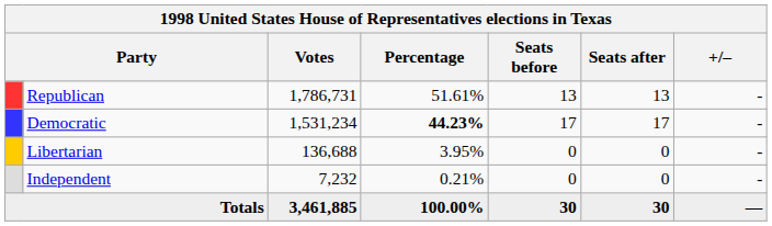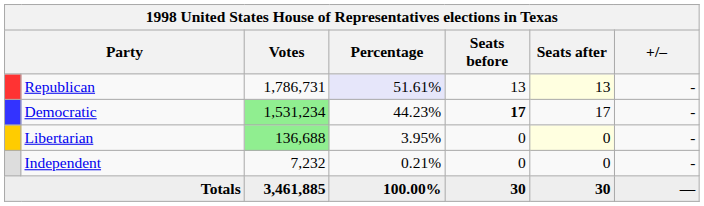 <table class="wikitable" style="font-size: 95%;">
 <tr>
 <th colspan="7">1998 United States House of Representatives elections in Texas</th>
 </tr>
 <tr>
 <th colspan="2" style="width: 15em">Party</th>
 <th style="width: 5em">Votes</th>
 <th style="width: 7em">Percentage</th>
 <th style="width: 5em">Seats before</th>
 <th style="width: 5em">Seats after</th>
 <th style="width: 5em">+/–</th>
 </tr>
 <tr>
 <th style="background-color:#FF3333; width: 3px"></th>
 <td style="width: 130px"><a href='#'>Republican</a></td>
 <td align="right">1,786,731</td>
-<td align="right">51.61%</td>
+<td align="right" style="background: lavender;">51.61%</td>
 <td align="right">13</td>
-<td align="right">13</td>
+<td align="right" style="background: lightyellow;">13</td>
 <td align="right">-</td>
 </tr>
 <tr>
 <th style="background-color:#3333FF; width: 3px"></th>
 <td style="width: 130px"><a href='#'>Democratic</a></td>
-<td align="right">1,531,234</td>
-<td align="right"><strong>44.23%</strong></td>
-<td align="right">17</td>
+<td align="right" style="background: lightgreen;">1,531,234</td>
+<td align="right">44.23%</td>
+<td align="right"><strong>17</strong></td>
 <td align="right">17</td>
 <td align="right">-</td>
 </tr>
 <tr>
 <th style="background-color:#FFCC00; width: 3px"></th>
 <td style="width: 130px"><a href='#'>Libertarian</a></td>
-<td align="right">136,688</td>
+<td align="right" style="background: lightgreen;">136,688</td>
 <td align="right">3.95%</td>
 <td align="right">0</td>
-<td align="right">0</td>
+<td align="right" style="background: lightyellow;">0</td>
 <td align="right">-</td>
 </tr>
 <tr>
 <th style="background-color:#DDDDDD; width: 3px"></th>
 <td style="width: 130px"><a href='#'>Independent</a></td>
 <td align="right">7,232</td>
 <td align="right">0.21%</td>
 <td align="right">0</td>
 <td align="right">0</td>
 <td align="right">-</td>
 </tr>
 <tr bgcolor="#EEEEEE">
 <td colspan="2" align="right"><strong>Totals</strong></td>
 <td align="right"><strong>3,461,885</strong></td>
 <td align="right"><strong>100.00%</strong></td>
 <td align="right"><strong>30</strong></td>
 <td align="right"><strong>30</strong></td>
 <td align="right"><strong>—</strong></td>
 </tr>
 </table>
